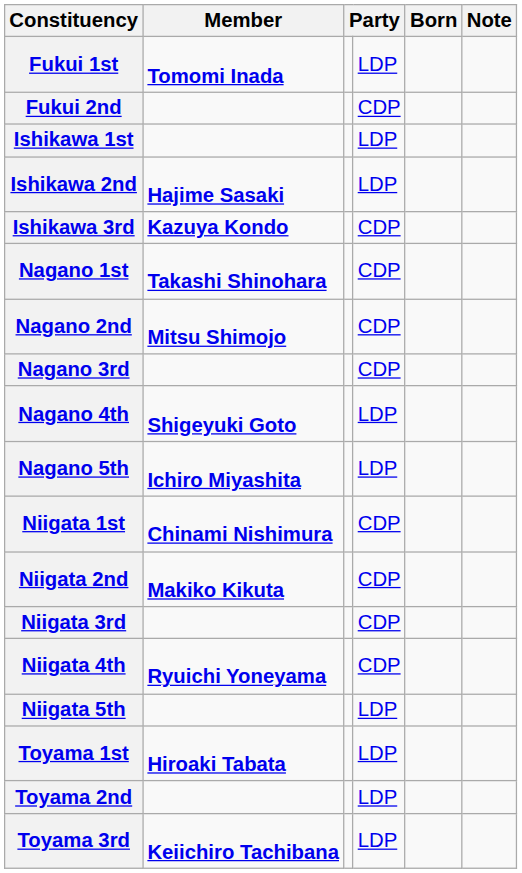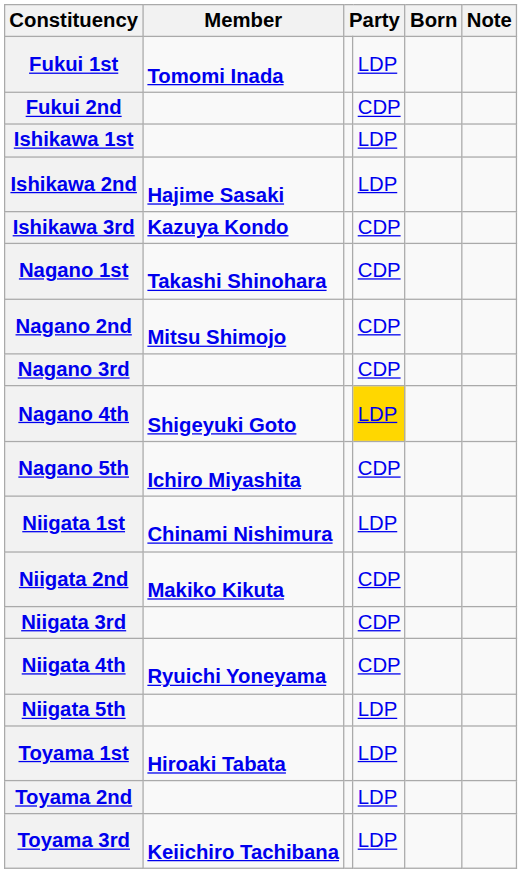 <table class="wikitable sortable plainrowheaders" id="votingmembers">
 <tr style="vertical-align:bottom">
 <th>Constituency</th>
 <th>Member</th>
 <th colspan=2>Party</th>
 <th>Born</th>
 <th>Note</th>
 </tr>
 <tr>
 <th><a href='#'>Fukui 1st</a></th>
 <td><br><strong><a href='#'>Tomomi Inada</a></strong></td>
 <td style="background-color:"></td>
 <td><a href='#'>LDP</a></td>
 <td></td>
 <td></td>
 </tr>
 <tr>
 <th><a href='#'>Fukui 2nd</a></th>
 <td><strong></strong></td>
 <td style="background-color:"></td>
 <td><a href='#'>CDP</a></td>
 <td></td>
 <td></td>
 </tr>
 <tr>
 <th><a href='#'>Ishikawa 1st</a></th>
 <td><br><strong></strong></td>
 <td style="background-color:"></td>
 <td><a href='#'>LDP</a></td>
 <td></td>
 <td></td>
 </tr>
 <tr>
 <th><a href='#'>Ishikawa 2nd</a></th>
 <td><br><strong><a href='#'>Hajime Sasaki</a></strong></td>
 <td style="background-color:"></td>
 <td><a href='#'>LDP</a></td>
 <td></td>
 <td></td>
 </tr>
 <tr>
 <th><a href='#'>Ishikawa 3rd</a></th>
 <td><strong><a href='#'>Kazuya Kondo</a></strong></td>
 <td style="background-color:"></td>
 <td><a href='#'>CDP</a></td>
 <td></td>
 <td></td>
 </tr>
 <tr>
 <th><a href='#'>Nagano 1st</a></th>
 <td><br><strong><a href='#'>Takashi Shinohara</a></strong></td>
 <td style="background-color:"></td>
 <td><a href='#'>CDP</a></td>
 <td></td>
 <td></td>
 </tr>
 <tr>
 <th><a href='#'>Nagano 2nd</a></th>
 <td><br><strong><a href='#'>Mitsu Shimojo</a></strong></td>
 <td style="background-color:"></td>
 <td><a href='#'>CDP</a></td>
 <td></td>
 <td></td>
 </tr>
 <tr>
 <th><a href='#'>Nagano 3rd</a></th>
 <td><strong></strong></td>
 <td style="background-color:"></td>
 <td><a href='#'>CDP</a></td>
 <td></td>
 <td></td>
 </tr>
 <tr>
 <th><a href='#'>Nagano 4th</a></th>
 <td><br><strong><a href='#'>Shigeyuki Goto</a></strong></td>
 <td style="background-color:"></td>
-<td><a href='#'>LDP</a></td>
+<td style="background: gold;"><a href='#'>LDP</a></td>
 <td></td>
 <td></td>
 </tr>
 <tr>
 <th><a href='#'>Nagano 5th</a></th>
 <td><br><strong><a href='#'>Ichiro Miyashita</a></strong></td>
 <td style="background-color:"></td>
-<td><a href='#'>LDP</a></td>
+<td><a href='#'>CDP</a></td>
 <td></td>
 <td></td>
 </tr>
 <tr>
 <th><a href='#'>Niigata 1st</a></th>
 <td><br><strong><a href='#'>Chinami Nishimura</a></strong></td>
 <td style="background-color:"></td>
-<td><a href='#'>CDP</a></td>
+<td><a href='#'>LDP</a></td>
 <td></td>
 <td></td>
 </tr>
 <tr>
 <th><a href='#'>Niigata 2nd</a></th>
 <td><br><strong><a href='#'>Makiko Kikuta</a></strong></td>
 <td style="background-color:"></td>
 <td><a href='#'>CDP</a></td>
 <td></td>
 <td></td>
 </tr>
 <tr>
 <th><a href='#'>Niigata 3rd</a></th>
 <td><br><strong></strong></td>
 <td style="background-color:"></td>
 <td><a href='#'>CDP</a></td>
 <td></td>
 <td></td>
 </tr>
 <tr>
 <th><a href='#'>Niigata 4th</a></th>
 <td><br><strong><a href='#'>Ryuichi Yoneyama</a></strong></td>
 <td style="background-color:"></td>
 <td><a href='#'>CDP</a></td>
 <td></td>
 <td></td>
 </tr>
 <tr>
 <th><a href='#'>Niigata 5th</a></th>
 <td><strong></strong></td>
 <td style="background-color:"></td>
 <td><a href='#'>LDP</a></td>
 <td></td>
 <td></td>
 </tr>
 <tr>
 <th><a href='#'>Toyama 1st</a></th>
 <td><br><strong><a href='#'>Hiroaki Tabata</a></strong></td>
 <td style="background-color:"></td>
 <td><a href='#'>LDP</a></td>
 <td></td>
 <td></td>
 </tr>
 <tr>
 <th><a href='#'>Toyama 2nd</a></th>
 <td><strong></strong></td>
 <td style="background-color:"></td>
 <td><a href='#'>LDP</a></td>
 <td></td>
 <td></td>
 </tr>
 <tr>
 <th><a href='#'>Toyama 3rd</a></th>
 <td><br><strong><a href='#'>Keiichiro Tachibana</a></strong></td>
 <td style="background-color:"></td>
 <td><a href='#'>LDP</a></td>
 <td></td>
 <td></td>
 </tr>
 </table>
